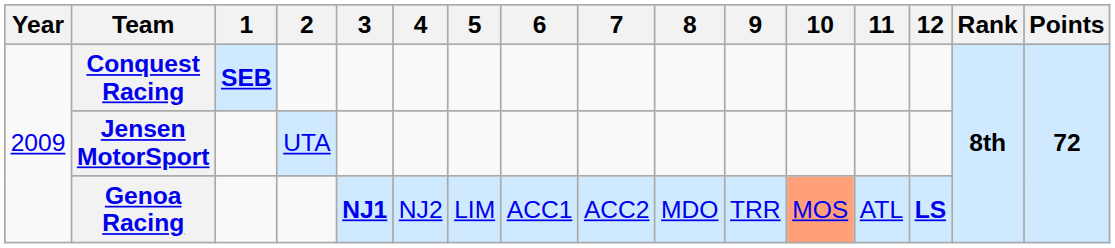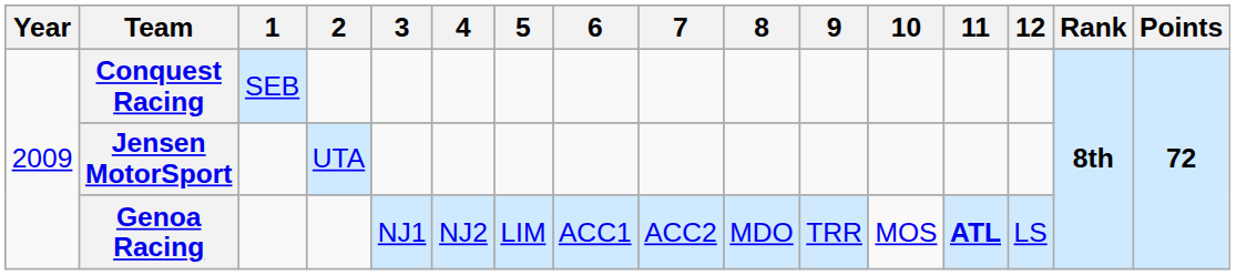 <table class="wikitable" style="text-align:center; font-size:90%">
 <tr>
 <th>Year</th>
 <th>Team</th>
 <th>1</th>
 <th>2</th>
 <th>3</th>
 <th>4</th>
 <th>5</th>
 <th>6</th>
 <th>7</th>
 <th>8</th>
 <th>9</th>
 <th>10</th>
 <th>11</th>
 <th>12</th>
 <th>Rank</th>
 <th>Points</th>
 </tr>
 <tr>
 <td rowspan=3><a href='#'>2009</a></td>
 <th><a href='#'>Conquest Racing</a></th>
-<td style="background:#CFEAFF;"><strong><a href='#'>SEB</a><br></strong></td>
+<td style="background:#CFEAFF;"><a href='#'>SEB</a><br></td>
 <td></td>
 <td></td>
 <td></td>
 <td></td>
 <td></td>
 <td></td>
 <td></td>
 <td></td>
 <td></td>
 <td></td>
 <td></td>
 <td rowspan=3 style="background:#CFEAFF;"><strong>8th</strong></td>
 <td rowspan=3 style="background:#CFEAFF;"><strong>72</strong></td>
 </tr>
 <tr>
 <th><a href='#'>Jensen MotorSport</a></th>
 <td></td>
 <td style="background:#CFEAFF;"><a href='#'>UTA</a><br></td>
 <td></td>
 <td></td>
 <td></td>
 <td></td>
 <td></td>
 <td></td>
 <td></td>
 <td></td>
 <td></td>
 <td></td>
 </tr>
 <tr>
 <th><a href='#'>Genoa Racing</a></th>
 <td></td>
 <td></td>
-<td style="background:#CFEAFF;"><strong><a href='#'>NJ1</a><br></strong></td>
+<td style="background:#CFEAFF;"><a href='#'>NJ1</a><br></td>
 <td style="background:#CFEAFF;"><a href='#'>NJ2</a><br></td>
 <td style="background:#CFEAFF;"><a href='#'>LIM</a><br></td>
 <td style="background:#CFEAFF;"><a href='#'>ACC1</a><br></td>
 <td style="background:#CFEAFF;"><a href='#'>ACC2</a><br></td>
 <td style="background:#CFEAFF;"><a href='#'>MDO</a><br></td>
 <td style="background:#CFEAFF;"><a href='#'>TRR</a><br></td>
-<td style="background: lightsalmon;"><a href='#'>MOS</a></td>
-<td style="background:#CFEAFF;"><a href='#'>ATL</a><br></td>
-<td style="background:#CFEAFF;"><strong><a href='#'>LS</a><br></strong></td>
+<td><a href='#'>MOS</a></td>
+<td style="background:#CFEAFF;"><strong><a href='#'>ATL</a><br></strong></td>
+<td style="background:#CFEAFF;"><a href='#'>LS</a><br></td>
 </tr>
 </table>
